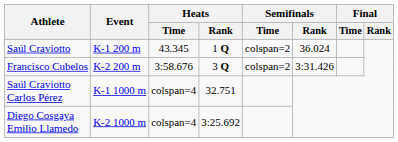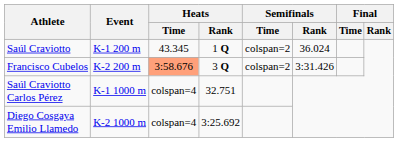 <table class=wikitable style="font-size:90%;">
 <tr>
 <th rowspan=2>Athlete</th>
 <th rowspan=2>Event</th>
 <th colspan=2>Heats</th>
 <th colspan=2>Semifinals</th>
 <th colspan=2>Final</th>
 </tr>
 <tr style="font-size:95%">
 <th>Time</th>
 <th>Rank</th>
 <th>Time</th>
 <th>Rank</th>
 <th>Time</th>
 <th>Rank</th>
 </tr>
 <tr align=center>
 <td align=left><a href='#'>Saúl Craviotto</a></td>
 <td align=left><a href='#'>K-1 200 m</a></td>
 <td>43.345</td>
 <td>1 <strong>Q</strong></td>
 <td>colspan=2 </td>
 <td>36.024</td>
 <td></td>
 </tr>
 <tr align=center>
 <td align=left><a href='#'>Francisco Cubelos</a></td>
 <td align=left><a href='#'>K-2 200 m</a></td>
-<td>3:58.676</td>
+<td style="background: lightsalmon;">3:58.676</td>
 <td>3 <strong>Q</strong></td>
 <td>colspan=2 </td>
 <td>3:31.426</td>
 <td></td>
 </tr>
 <tr align=center>
 <td align=left><a href='#'>Saúl Craviotto</a><br><a href='#'>Carlos Pérez</a></td>
 <td align=left><a href='#'>K-1 1000 m</a></td>
 <td>colspan=4 </td>
 <td>32.751</td>
 <td></td>
 </tr>
 <tr align=center>
 <td align=left><a href='#'>Diego Cosgaya</a><br><a href='#'>Emilio Llamedo</a></td>
 <td align=left><a href='#'>K-2 1000 m</a></td>
 <td>colspan=4 </td>
 <td>3:25.692</td>
 <td></td>
 </tr>
 </table>
